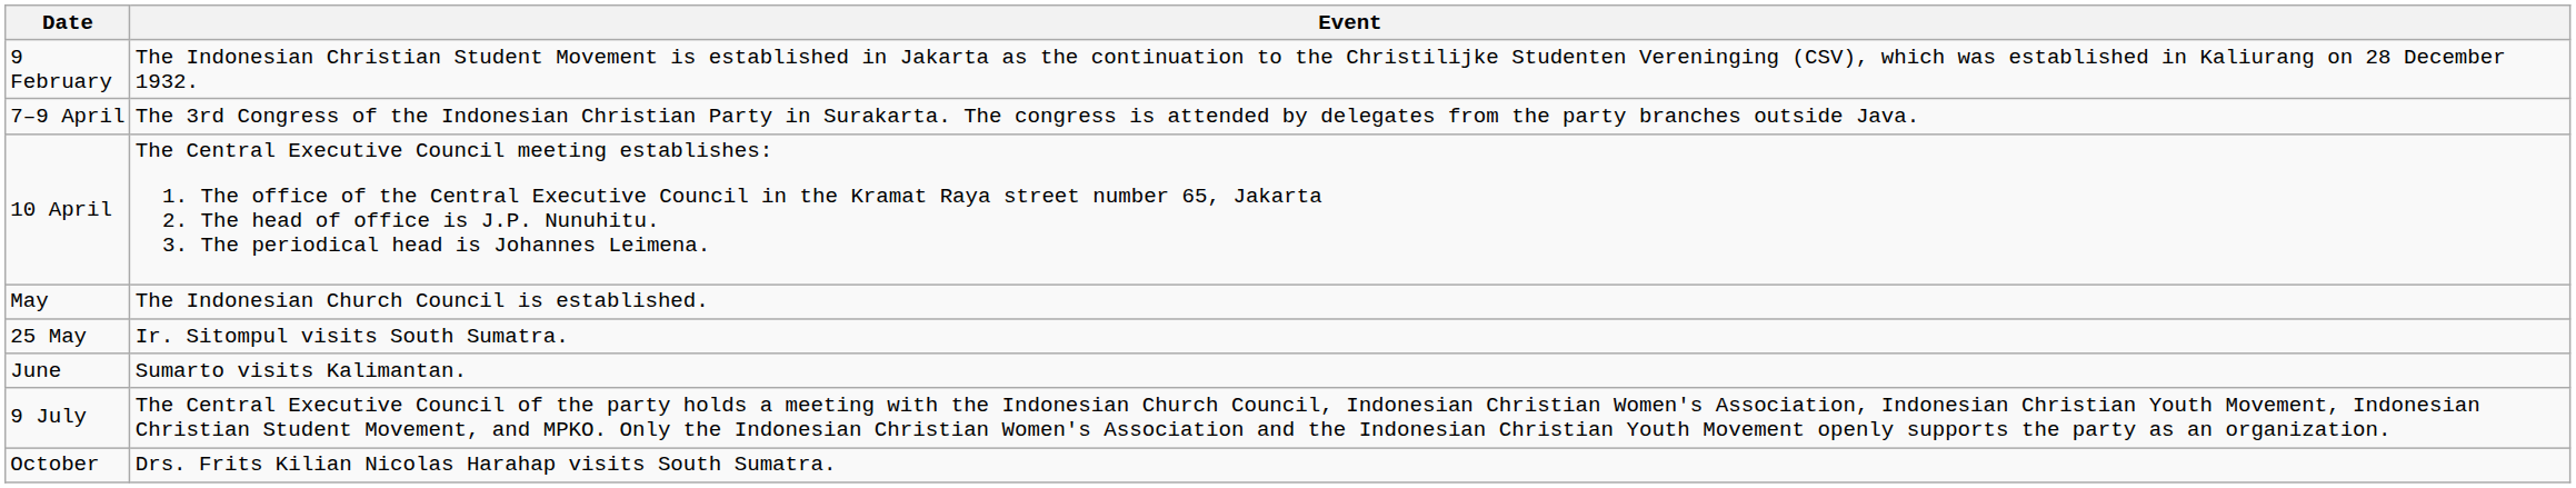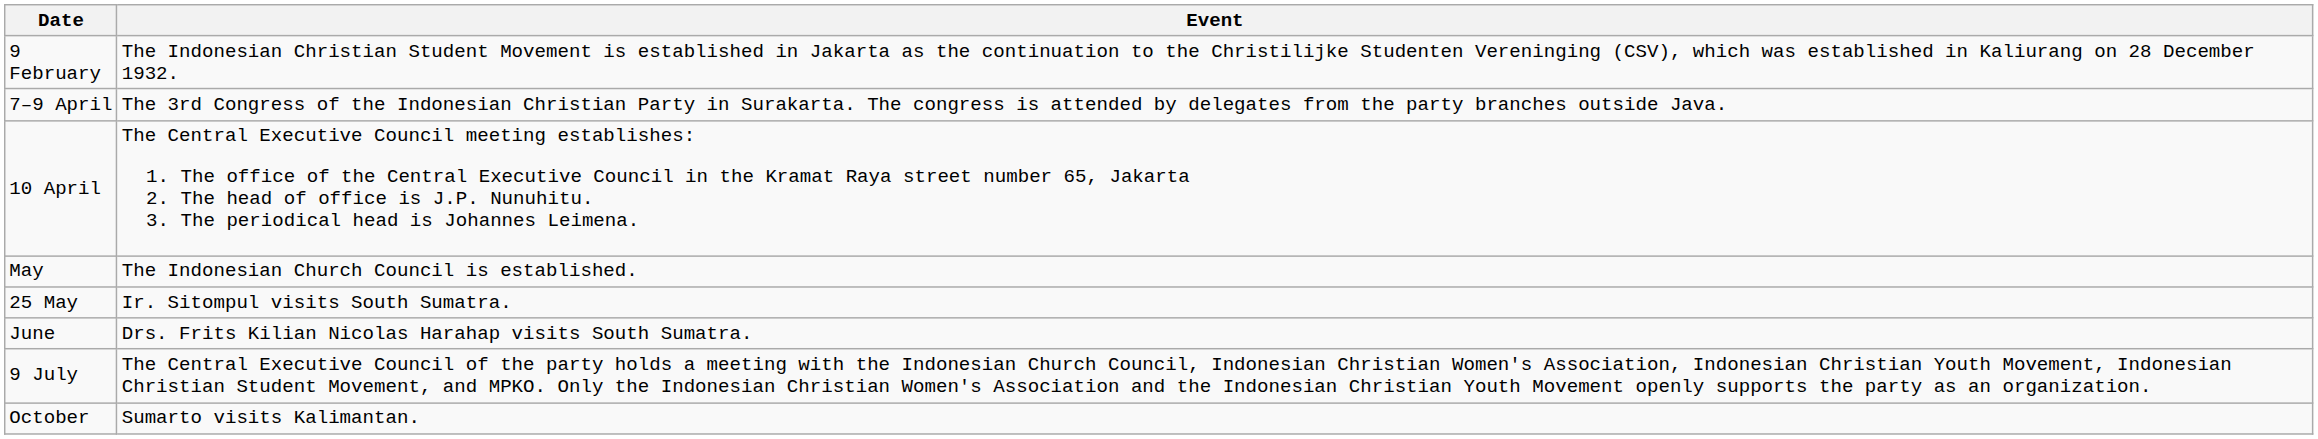 <table class="wikitable">
 <tr>
 <th>Date</th>
 <th>Event</th>
 </tr>
 <tr>
 <td>9 February</td>
 <td>The Indonesian Christian Student Movement is established in Jakarta as the continuation to the Christilijke Studenten Vereninging (CSV), which was established in Kaliurang on 28 December 1932.</td>
 </tr>
 <tr>
 <td>7–9 April</td>
 <td>The 3rd Congress of the Indonesian Christian Party in Surakarta. The congress is attended by delegates from the party branches outside Java.</td>
 </tr>
 <tr>
 <td>10 April</td>
 <td>The Central Executive Council meeting establishes:<br><ol><li>The office of the Central Executive Council in the Kramat Raya street number 65, Jakarta</li><li>The head of office is J.P. Nunuhitu.</li><li>The periodical head is Johannes Leimena.</li></ol></td>
 </tr>
 <tr>
 <td>May</td>
 <td>The Indonesian Church Council is established.</td>
 </tr>
 <tr>
 <td>25 May</td>
 <td>Ir. Sitompul visits South Sumatra.</td>
 </tr>
 <tr>
 <td>June</td>
-<td>Sumarto visits Kalimantan.</td>
+<td>Drs. Frits Kilian Nicolas Harahap visits South Sumatra.</td>
 </tr>
 <tr>
 <td>9 July</td>
 <td>The Central Executive Council of the party holds a meeting with the Indonesian Church Council, Indonesian Christian Women's Association, Indonesian Christian Youth Movement, Indonesian Christian Student Movement, and MPKO. Only the Indonesian Christian Women's Association and the Indonesian Christian Youth Movement openly supports the party as an organization.</td>
 </tr>
 <tr>
 <td>October</td>
-<td>Drs. Frits Kilian Nicolas Harahap visits South Sumatra.</td>
+<td>Sumarto visits Kalimantan.</td>
 </tr>
 </table>
